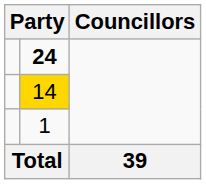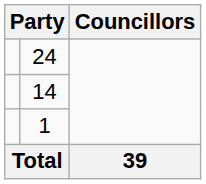 <table class="wikitable">
 <tr>
 <th colspan=2>Party</th>
 <th>Councillors</th>
 </tr>
 <tr>
 <td></td>
-<td align=center><strong>24</strong></td>
+<td align=center>24</td>
 </tr>
 <tr>
 <td></td>
-<td align=center style="background: gold;">14</td>
+<td align=center>14</td>
 </tr>
 <tr>
 <td></td>
 <td align=center>1</td>
 </tr>
 <tr>
 <th colspan=2>Total</th>
 <th>39</th>
 </tr>
 </table>
